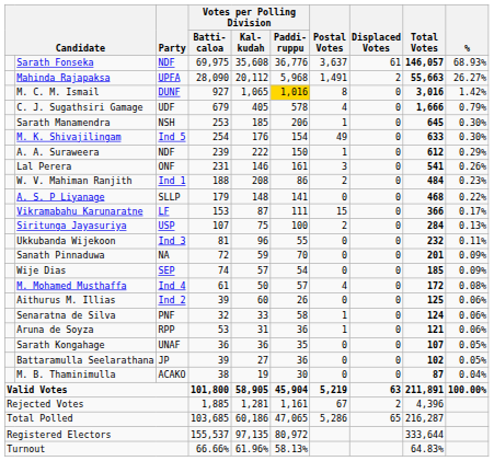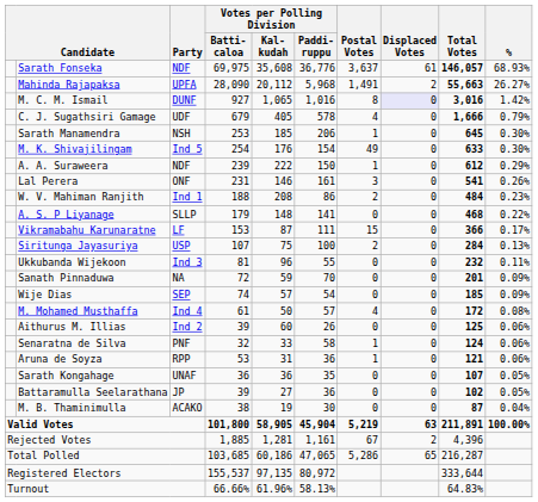 <table class="wikitable" border="1" style="text-align:right;">
 <tr>
 <th align=left valign=bottom rowspan=2 colspan=2>Candidate</th>
 <th align=left valign=bottom rowspan=2 width="40">Party</th>
 <th colspan=3>Votes per Polling Division</th>
 <th align=center valign=bottom rowspan=2 width="50">Postal<br>Votes</th>
 <th align=center valign=bottom rowspan=2 width="50">Displaced<br>Votes</th>
 <th align=center valign=bottom rowspan=2 width="50">Total Votes</th>
 <th align=center valign=bottom rowspan=2 width="50">%</th>
 </tr>
 <tr>
 <th align=center valign=bottom width="50">Batti-<br>caloa</th>
 <th align=center valign=bottom width="50">Kal-<br>kudah</th>
 <th align=center valign=bottom width="50">Paddi-<br>ruppu</th>
 </tr>
 <tr>
 <td bgcolor=> </td>
 <td align=left><a href='#'>Sarath Fonseka</a></td>
 <td align=left><a href='#'>NDF</a></td>
 <td>69,975</td>
 <td>35,608</td>
 <td>36,776</td>
 <td>3,637</td>
 <td>61</td>
 <td><strong>146,057</strong></td>
 <td>68.93%</td>
 </tr>
 <tr>
 <td bgcolor=> </td>
 <td align=left><a href='#'>Mahinda Rajapaksa</a></td>
 <td align=left><a href='#'>UPFA</a></td>
 <td>28,090</td>
 <td>20,112</td>
 <td>5,968</td>
 <td>1,491</td>
 <td>2</td>
 <td><strong>55,663</strong></td>
 <td>26.27%</td>
 </tr>
 <tr>
 <td></td>
 <td align=left>M. C. M. Ismail</td>
 <td align=left><a href='#'>DUNF</a></td>
 <td>927</td>
 <td>1,065</td>
-<td style="background: gold;">1,016</td>
+<td>1,016</td>
 <td>8</td>
-<td>0</td>
+<td style="background: lavender;">0</td>
 <td><strong>3,016</strong></td>
 <td>1.42%</td>
 </tr>
 <tr>
 <td></td>
 <td align=left>C. J. Sugathsiri Gamage</td>
 <td align=left>UDF</td>
 <td>679</td>
 <td>405</td>
 <td>578</td>
 <td>4</td>
 <td>0</td>
 <td><strong>1,666</strong></td>
 <td>0.79%</td>
 </tr>
 <tr>
 <td></td>
 <td align=left>Sarath Manamendra</td>
 <td align=left>NSH</td>
 <td>253</td>
 <td>185</td>
 <td>206</td>
 <td>1</td>
 <td>0</td>
 <td><strong>645</strong></td>
 <td>0.30%</td>
 </tr>
 <tr>
 <td bgcolor=> </td>
 <td align=left><a href='#'>M. K. Shivajilingam</a></td>
 <td align=left><a href='#'>Ind 5</a></td>
 <td>254</td>
 <td>176</td>
 <td>154</td>
 <td>49</td>
 <td>0</td>
 <td><strong>633</strong></td>
 <td>0.30%</td>
 </tr>
 <tr>
 <td></td>
 <td align=left>A. A. Suraweera</td>
 <td align=left>NDF</td>
 <td>239</td>
 <td>222</td>
 <td>150</td>
 <td>1</td>
 <td>0</td>
 <td><strong>612</strong></td>
 <td>0.29%</td>
 </tr>
 <tr>
 <td></td>
 <td align=left>Lal Perera</td>
 <td align=left>ONF</td>
 <td>231</td>
 <td>146</td>
 <td>161</td>
 <td>3</td>
 <td>0</td>
 <td><strong>541</strong></td>
 <td>0.26%</td>
 </tr>
 <tr>
 <td bgcolor=> </td>
 <td align=left>W. V. Mahiman Ranjith</td>
 <td align=left><a href='#'>Ind 1</a></td>
 <td>188</td>
 <td>208</td>
 <td>86</td>
 <td>2</td>
 <td>0</td>
 <td><strong>484</strong></td>
 <td>0.23%</td>
 </tr>
 <tr>
 <td></td>
 <td align=left><a href='#'>A. S. P Liyanage</a></td>
 <td align=left>SLLP</td>
 <td>179</td>
 <td>148</td>
 <td>141</td>
 <td>0</td>
 <td>0</td>
 <td><strong>468</strong></td>
 <td>0.22%</td>
 </tr>
 <tr>
 <td bgcolor=> </td>
 <td align=left><a href='#'>Vikramabahu Karunaratne</a></td>
 <td align=left><a href='#'>LF</a></td>
 <td>153</td>
 <td>87</td>
 <td>111</td>
 <td>15</td>
 <td>0</td>
 <td><strong>366</strong></td>
 <td>0.17%</td>
 </tr>
 <tr>
 <td></td>
 <td align=left><a href='#'>Siritunga Jayasuriya</a></td>
 <td align=left><a href='#'>USP</a></td>
 <td>107</td>
 <td>75</td>
 <td>100</td>
 <td>2</td>
 <td>0</td>
 <td><strong>284</strong></td>
 <td>0.13%</td>
 </tr>
 <tr>
 <td bgcolor=> </td>
 <td align=left>Ukkubanda Wijekoon</td>
 <td align=left><a href='#'>Ind 3</a></td>
 <td>81</td>
 <td>96</td>
 <td>55</td>
 <td>0</td>
 <td>0</td>
 <td><strong>232</strong></td>
 <td>0.11%</td>
 </tr>
 <tr>
 <td></td>
 <td align=left>Sanath Pinnaduwa</td>
 <td align=left>NA</td>
 <td>72</td>
 <td>59</td>
 <td>70</td>
 <td>0</td>
 <td>0</td>
 <td><strong>201</strong></td>
 <td>0.09%</td>
 </tr>
 <tr>
 <td></td>
 <td align=left>Wije Dias</td>
 <td align=left><a href='#'>SEP</a></td>
 <td>74</td>
 <td>57</td>
 <td>54</td>
 <td>0</td>
 <td>0</td>
 <td><strong>185</strong></td>
 <td>0.09%</td>
 </tr>
 <tr>
 <td bgcolor=> </td>
 <td align=left><a href='#'>M. Mohamed Musthaffa</a></td>
 <td align=left><a href='#'>Ind 4</a></td>
 <td>61</td>
 <td>50</td>
 <td>57</td>
 <td>4</td>
 <td>0</td>
 <td><strong>172</strong></td>
 <td>0.08%</td>
 </tr>
 <tr>
 <td bgcolor=> </td>
 <td align=left>Aithurus M. Illias</td>
 <td align=left><a href='#'>Ind 2</a></td>
 <td>39</td>
 <td>60</td>
 <td>26</td>
 <td>0</td>
 <td>0</td>
 <td><strong>125</strong></td>
 <td>0.06%</td>
 </tr>
 <tr>
 <td></td>
 <td align=left>Senaratna de Silva</td>
 <td align=left>PNF</td>
 <td>32</td>
 <td>33</td>
 <td>58</td>
 <td>1</td>
 <td>0</td>
 <td><strong>124</strong></td>
 <td>0.06%</td>
 </tr>
 <tr>
 <td></td>
 <td align=left>Aruna de Soyza</td>
 <td align=left>RPP</td>
 <td>53</td>
 <td>31</td>
 <td>36</td>
 <td>1</td>
 <td>0</td>
 <td><strong>121</strong></td>
 <td>0.06%</td>
 </tr>
 <tr>
 <td></td>
 <td align=left>Sarath Kongahage</td>
 <td align=left>UNAF</td>
 <td>36</td>
 <td>36</td>
 <td>35</td>
 <td>0</td>
 <td>0</td>
 <td><strong>107</strong></td>
 <td>0.05%</td>
 </tr>
 <tr>
 <td></td>
 <td align=left>Battaramulla Seelarathana</td>
 <td align=left>JP</td>
 <td>39</td>
 <td>27</td>
 <td>36</td>
 <td>0</td>
 <td>0</td>
 <td><strong>102</strong></td>
 <td>0.05%</td>
 </tr>
 <tr>
 <td></td>
 <td align=left>M. B. Thaminimulla</td>
 <td align=left>ACAKO</td>
 <td>38</td>
 <td>19</td>
 <td>30</td>
 <td>0</td>
 <td>0</td>
 <td><strong>87</strong></td>
 <td>0.04%</td>
 </tr>
 <tr>
 <td align=left colspan=3><strong>Valid Votes</strong></td>
 <td><strong>101,800</strong></td>
 <td><strong>58,905</strong></td>
 <td><strong>45,904</strong></td>
 <td><strong>5,219</strong></td>
 <td><strong>63</strong></td>
 <td><strong>211,891</strong></td>
 <td><strong>100.00%</strong></td>
 </tr>
 <tr>
 <td align=left colspan=3>Rejected Votes</td>
 <td>1,885</td>
 <td>1,281</td>
 <td>1,161</td>
 <td>67</td>
 <td>2</td>
 <td>4,396</td>
 <td></td>
 </tr>
 <tr>
 <td align=left colspan=3>Total Polled</td>
 <td>103,685</td>
 <td>60,186</td>
 <td>47,065</td>
 <td>5,286</td>
 <td>65</td>
 <td>216,287</td>
 <td></td>
 </tr>
 <tr>
 <td align=left colspan=3>Registered Electors</td>
 <td>155,537</td>
 <td>97,135</td>
 <td>80,972</td>
 <td></td>
 <td></td>
 <td>333,644</td>
 <td></td>
 </tr>
 <tr>
 <td align=left colspan=3>Turnout</td>
 <td>66.66%</td>
 <td>61.96%</td>
 <td>58.13%</td>
 <td></td>
 <td></td>
 <td>64.83%</td>
 <td></td>
 </tr>
 </table>
